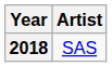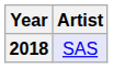 <table class="wikitable mw-collapsible mw-collapsed" style="font-size:small; text-align:center">
 <tr>
 <th>Year</th>
 <th>Artist</th>
 </tr>
 <tr>
 <th>2018</th>
-<td><a href='#'>SAS</a></td>
+<td style="background: lavender;"><a href='#'>SAS</a></td>
 </tr>
 </table>
